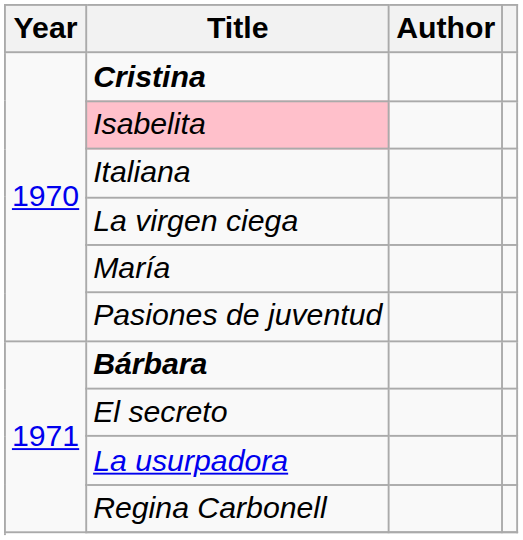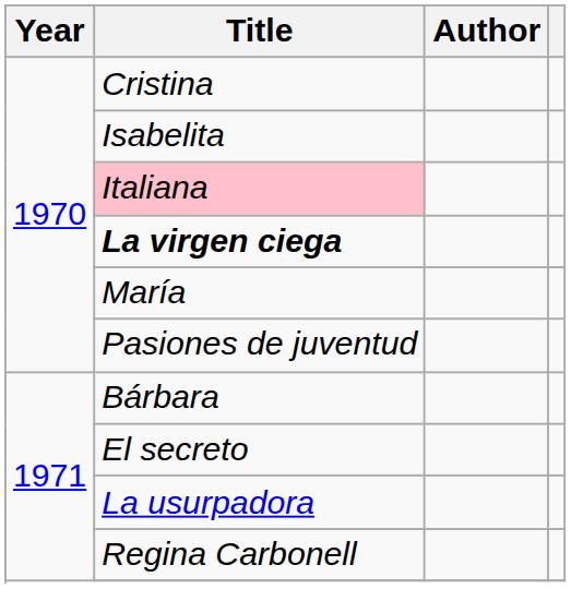 <table class="wikitable sortable">
 <tr>
 <th>Year</th>
 <th>Title</th>
 <th>Author</th>
 <th></th>
 </tr>
 <tr>
 <td rowspan="6"><a href='#'>1970</a></td>
-<td><strong><em>Cristina</em></strong></td>
+<td><em>Cristina</em></td>
 <td></td>
 <td></td>
 </tr>
 <tr>
-<td style="background: pink;"><em>Isabelita</em></td>
+<td><em>Isabelita</em></td>
 <td></td>
 <td></td>
 </tr>
 <tr>
-<td><em>Italiana</em></td>
+<td style="background: pink;"><em>Italiana</em></td>
 <td></td>
 <td></td>
 </tr>
 <tr>
-<td><em>La virgen ciega</em></td>
+<td><strong><em>La virgen ciega</em></strong></td>
 <td></td>
 <td></td>
 </tr>
 <tr>
 <td><em>María</em></td>
 <td></td>
 <td></td>
 </tr>
 <tr>
 <td><em>Pasiones de juventud</em></td>
 <td></td>
 <td></td>
 </tr>
 <tr>
 <td rowspan="6"><a href='#'>1971</a></td>
-<td><strong><em>Bárbara</em></strong></td>
+<td><em>Bárbara</em></td>
 <td></td>
 <td></td>
 </tr>
 <tr>
 <td><em>El secreto</em></td>
 <td></td>
 <td></td>
 </tr>
 <tr>
 <td><em><a href='#'>La usurpadora</a></em></td>
 <td></td>
 <td></td>
 </tr>
 <tr>
 <td><em>Regina Carbonell</em></td>
 <td></td>
 <td></td>
 </tr>
 <tr>
 </tr>
 </table>
